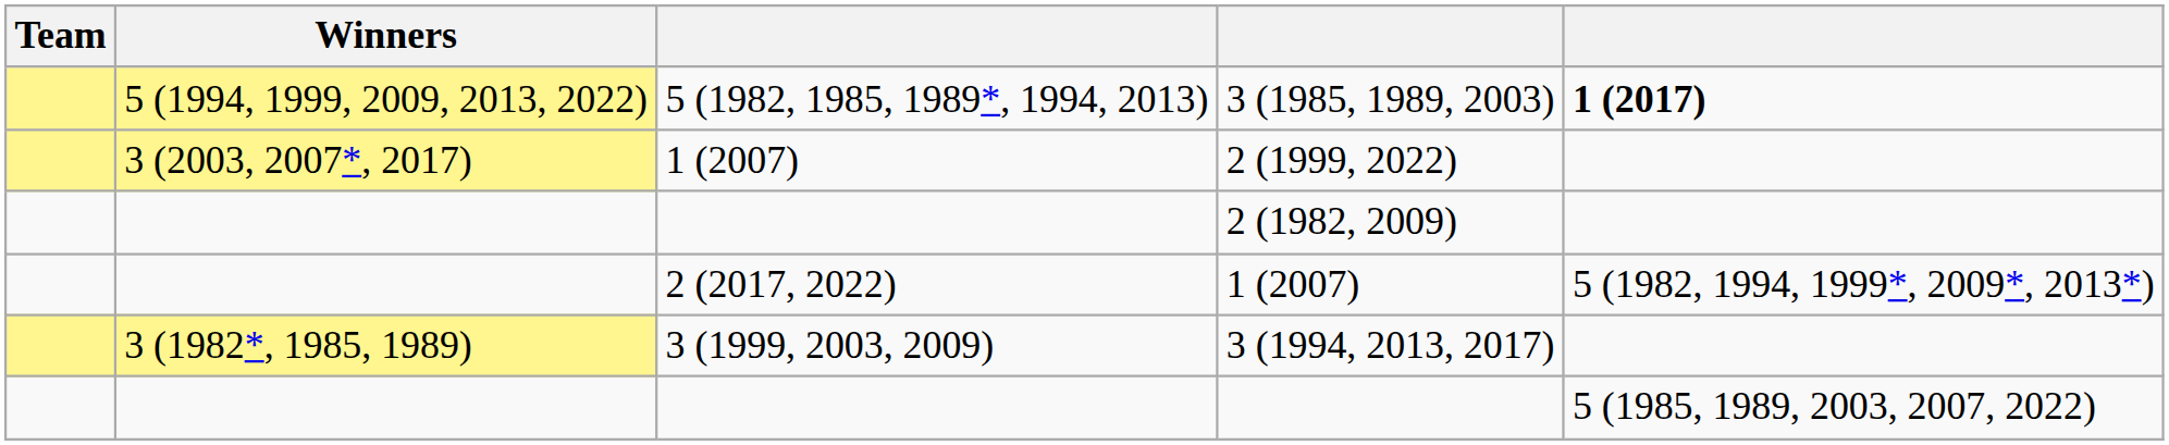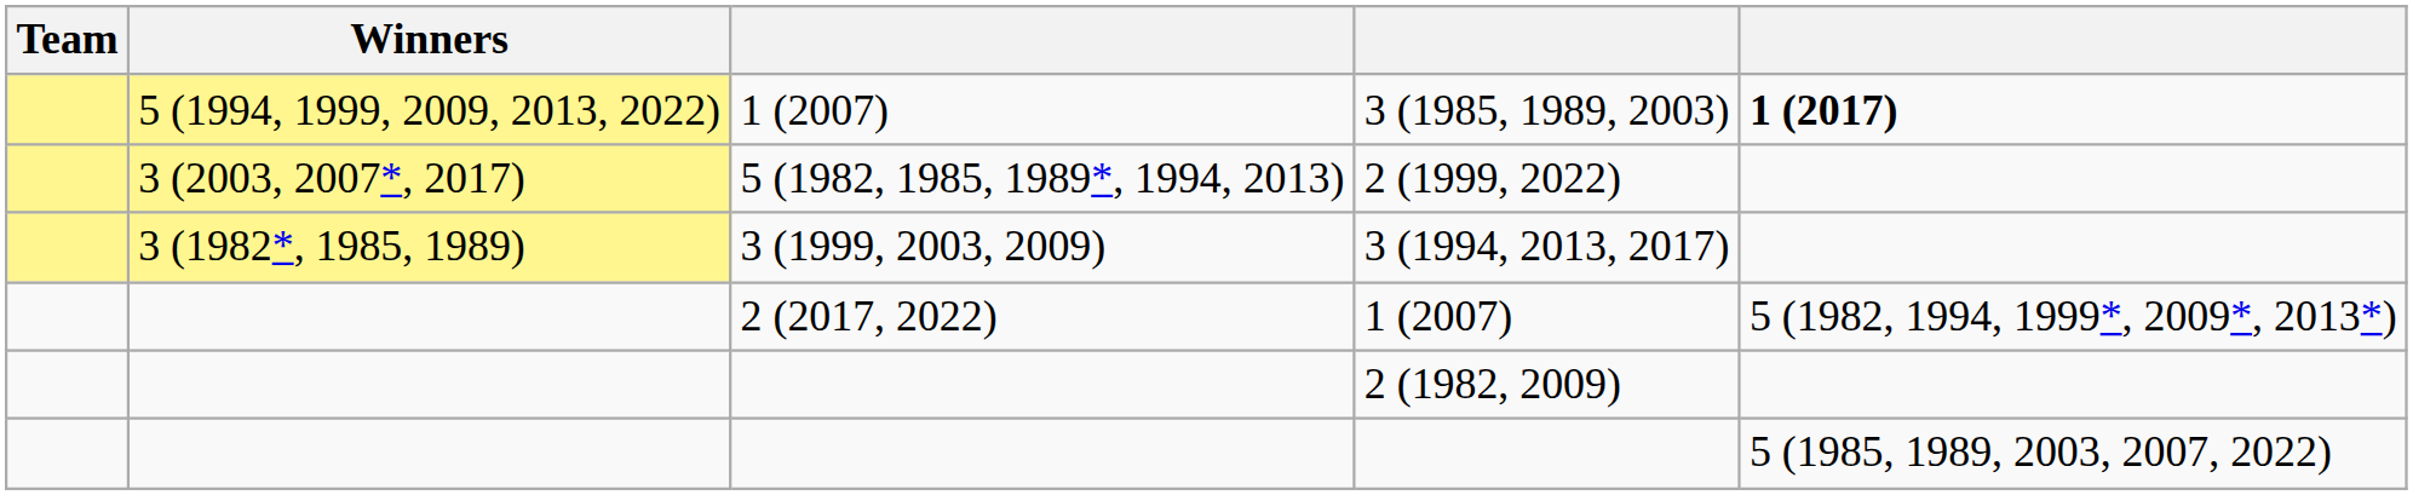 <table class="wikitable sortable">
 <tr>
 <th>Team</th>
 <th>Winners</th>
 <th></th>
 <th></th>
 <th></th>
 </tr>
 <tr>
 <td bgcolor=#FFF68F></td>
 <td bgcolor="#FFF68F">5 (1994, 1999, 2009, 2013, 2022)</td>
-<td>5 (1982, 1985, 1989<a href='#'>*</a>, 1994, 2013)</td>
+<td>1 (2007)</td>
 <td>3 (1985, 1989, 2003)</td>
 <td><strong>1 (2017)</strong></td>
 </tr>
 <tr>
 <td bgcolor=#FFF68F></td>
 <td bgcolor=#FFF68F>3 (2003, 2007<a href='#'>*</a>, 2017)</td>
-<td>1 (2007)</td>
+<td>5 (1982, 1985, 1989<a href='#'>*</a>, 1994, 2013)</td>
 <td>2 (1999, 2022)</td>
 <td></td>
+</tr>
+<tr>
+<td bgcolor=#FFF68F></td>
+<td bgcolor=#FFF68F>3 (1982<a href='#'>*</a>, 1985, 1989)</td>
+<td>3 (1999, 2003, 2009)</td>
+<td>3 (1994, 2013, 2017)</td>
+<td></td>
+</tr>
+<tr>
+<td></td>
+<td></td>
+<td>2 (2017, 2022)</td>
+<td>1 (2007)</td>
+<td>5 (1982, 1994, 1999<a href='#'>*</a>, 2009<a href='#'>*</a>, 2013<a href='#'>*</a>)</td>
 </tr>
 <tr>
 <td></td>
 <td></td>
 <td></td>
 <td>2 (1982, 2009)</td>
 <td></td>
 </tr>
 <tr>
 <td></td>
 <td></td>
-<td>2 (2017, 2022)</td>
-<td>1 (2007)</td>
-<td>5 (1982, 1994, 1999<a href='#'>*</a>, 2009<a href='#'>*</a>, 2013<a href='#'>*</a>)</td>
-</tr>
-<tr>
-<td bgcolor=#FFF68F></td>
-<td bgcolor=#FFF68F>3 (1982<a href='#'>*</a>, 1985, 1989)</td>
-<td>3 (1999, 2003, 2009)</td>
-<td>3 (1994, 2013, 2017)</td>
-<td></td>
-</tr>
-<tr>
-<td></td>
-<td></td>
 <td></td>
 <td></td>
 <td>5 (1985, 1989, 2003, 2007, 2022)</td>
 </tr>
 </table>
